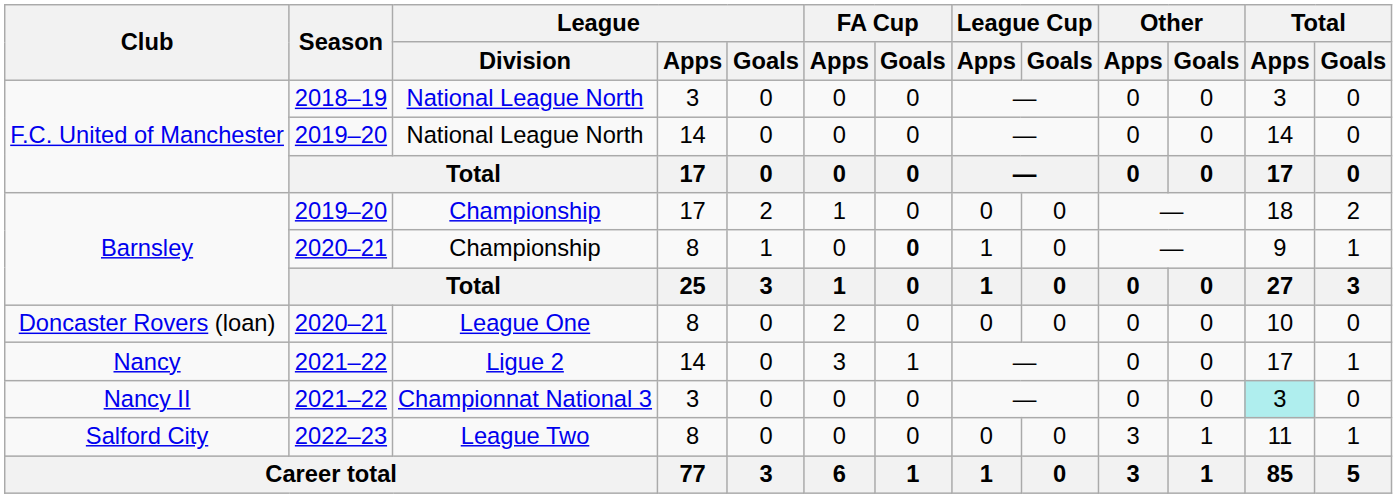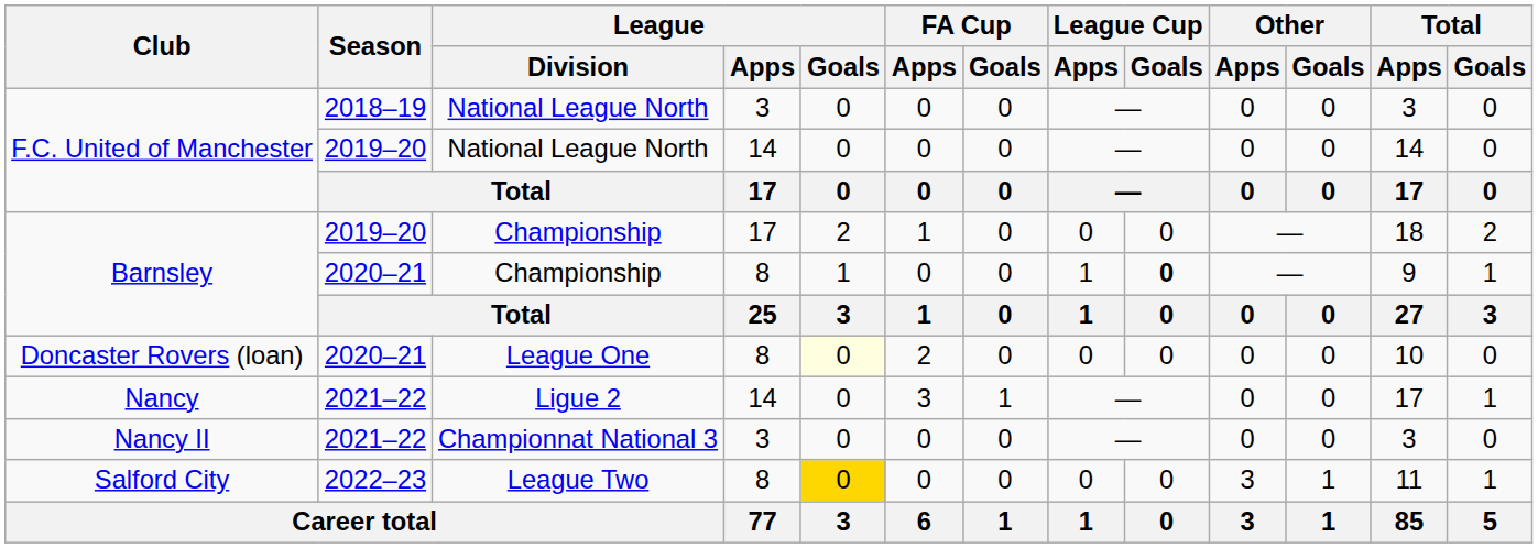 <table class="wikitable" style="text-align:center">
 <tr>
 <th rowspan="2">Club</th>
 <th rowspan="2">Season</th>
 <th colspan="3">League</th>
 <th colspan="2">FA Cup</th>
 <th colspan="2">League Cup</th>
 <th colspan="2">Other</th>
 <th colspan="2">Total</th>
 </tr>
 <tr>
 <th>Division</th>
 <th>Apps</th>
 <th>Goals</th>
 <th>Apps</th>
 <th>Goals</th>
 <th>Apps</th>
 <th>Goals</th>
 <th>Apps</th>
 <th>Goals</th>
 <th>Apps</th>
 <th>Goals</th>
 </tr>
 <tr>
 <td rowspan="3"><a href='#'>F.C. United of Manchester</a></td>
 <td><a href='#'>2018–19</a></td>
 <td><a href='#'>National League North</a></td>
 <td>3</td>
 <td>0</td>
 <td>0</td>
 <td>0</td>
 <td colspan=2>—</td>
 <td>0</td>
 <td>0</td>
 <td>3</td>
 <td>0</td>
 </tr>
 <tr>
 <td><a href='#'>2019–20</a></td>
 <td>National League North</td>
 <td>14</td>
 <td>0</td>
 <td>0</td>
 <td>0</td>
 <td colspan=2>—</td>
 <td>0</td>
 <td>0</td>
 <td>14</td>
 <td>0</td>
 </tr>
 <tr>
 <th colspan="2">Total</th>
 <th>17</th>
 <th>0</th>
 <th>0</th>
 <th>0</th>
 <th colspan=2>—</th>
 <th>0</th>
 <th>0</th>
 <th>17</th>
 <th>0</th>
 </tr>
 <tr>
 <td rowspan="3"><a href='#'>Barnsley</a></td>
 <td><a href='#'>2019–20</a></td>
 <td><a href='#'>Championship</a></td>
 <td>17</td>
 <td>2</td>
 <td>1</td>
 <td>0</td>
 <td>0</td>
 <td>0</td>
 <td colspan=2>—</td>
 <td>18</td>
 <td>2</td>
 </tr>
 <tr>
 <td><a href='#'>2020–21</a></td>
 <td>Championship</td>
 <td>8</td>
 <td>1</td>
 <td>0</td>
+<td>0</td>
+<td>1</td>
 <td><strong>0</strong></td>
-<td>1</td>
-<td>0</td>
 <td colspan=2>—</td>
 <td>9</td>
 <td>1</td>
 </tr>
 <tr>
 <th colspan="2">Total</th>
 <th>25</th>
 <th>3</th>
 <th>1</th>
 <th>0</th>
 <th>1</th>
 <th>0</th>
 <th>0</th>
 <th>0</th>
 <th>27</th>
 <th>3</th>
 </tr>
 <tr>
 <td><a href='#'>Doncaster Rovers</a> (loan)</td>
 <td><a href='#'>2020–21</a></td>
 <td><a href='#'>League One</a></td>
 <td>8</td>
-<td>0</td>
+<td style="background: lightyellow;">0</td>
 <td>2</td>
 <td>0</td>
 <td>0</td>
 <td>0</td>
 <td>0</td>
 <td>0</td>
 <td>10</td>
 <td>0</td>
 </tr>
 <tr>
 <td><a href='#'>Nancy</a></td>
 <td><a href='#'>2021–22</a></td>
 <td><a href='#'>Ligue 2</a></td>
 <td>14</td>
 <td>0</td>
 <td>3</td>
 <td>1</td>
 <td colspan="2">—</td>
 <td>0</td>
 <td>0</td>
 <td>17</td>
 <td>1</td>
 </tr>
 <tr>
 <td><a href='#'>Nancy II</a></td>
 <td><a href='#'>2021–22</a></td>
 <td><a href='#'>Championnat National 3</a></td>
 <td>3</td>
 <td>0</td>
 <td>0</td>
 <td>0</td>
 <td colspan="2">—</td>
 <td>0</td>
 <td>0</td>
-<td style="background: paleturquoise;">3</td>
+<td>3</td>
 <td>0</td>
 </tr>
 <tr>
 <td><a href='#'>Salford City</a></td>
 <td><a href='#'>2022–23</a></td>
 <td><a href='#'>League Two</a></td>
 <td>8</td>
-<td>0</td>
+<td style="background: gold;">0</td>
 <td>0</td>
 <td>0</td>
 <td>0</td>
 <td>0</td>
 <td>3</td>
 <td>1</td>
 <td>11</td>
 <td>1</td>
 </tr>
 <tr>
 <th colspan="3">Career total</th>
 <th>77</th>
 <th>3</th>
 <th>6</th>
 <th>1</th>
 <th>1</th>
 <th>0</th>
 <th>3</th>
 <th>1</th>
 <th>85</th>
 <th>5</th>
 </tr>
 </table>
